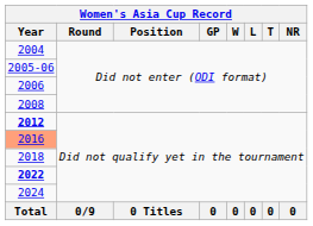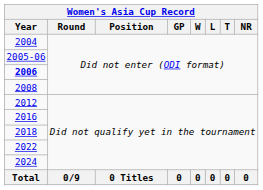 <table class="wikitable" style="text-align: center; width=900px;">
 <tr>
 <th colspan="8"><a href='#'>Women's Asia Cup Record</a></th>
 </tr>
 <tr>
 <th>Year</th>
 <th>Round</th>
 <th>Position</th>
 <th>GP</th>
 <th>W</th>
 <th>L</th>
 <th>T</th>
 <th>NR</th>
 </tr>
 <tr>
 <td><a href='#'>2004</a> </td>
 <td colspan="7" rowspan="4"><em>Did not enter (<a href='#'>ODI</a> format)</em></td>
 </tr>
 <tr>
 <td><a href='#'>2005-06</a> </td>
 </tr>
 <tr>
-<td><a href='#'>2006</a> </td>
+<td><strong><a href='#'>2006</a> </strong></td>
 </tr>
 <tr>
 <td><a href='#'>2008</a> </td>
 </tr>
 <tr>
-<td><strong><a href='#'>2012</a> </strong></td>
+<td><a href='#'>2012</a> </td>
 <td colspan="7" rowspan="5"><em>Did not qualify yet in the tournament</em></td>
 </tr>
 <tr>
-<td style="background: lightsalmon;"><a href='#'>2016</a> </td>
+<td><a href='#'>2016</a> </td>
 </tr>
 <tr>
 <td><a href='#'>2018</a> </td>
 </tr>
 <tr>
-<td><strong><a href='#'>2022</a> </strong></td>
+<td><a href='#'>2022</a> </td>
 </tr>
 <tr>
 <td><a href='#'>2024</a> </td>
 </tr>
 <tr>
 <th>Total</th>
 <th>0/9</th>
 <th>0 Titles</th>
 <th>0</th>
 <th>0</th>
 <th>0</th>
 <th>0</th>
 <th>0</th>
 </tr>
 </table>
